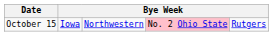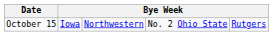 <table class="wikitable" style="font-size:95%;">
 <tr>
 <th>Date</th>
 <th colspan="4">Bye Week</th>
 </tr>
 <tr>
 <td>October 15</td>
 <td><a href='#'>Iowa</a></td>
 <td><a href='#'>Northwestern</a></td>
-<td style="background: pink;">No. 2 <a href='#'>Ohio State</a></td>
+<td>No. 2 <a href='#'>Ohio State</a></td>
 <td><a href='#'>Rutgers</a></td>
 </tr>
 </table>
